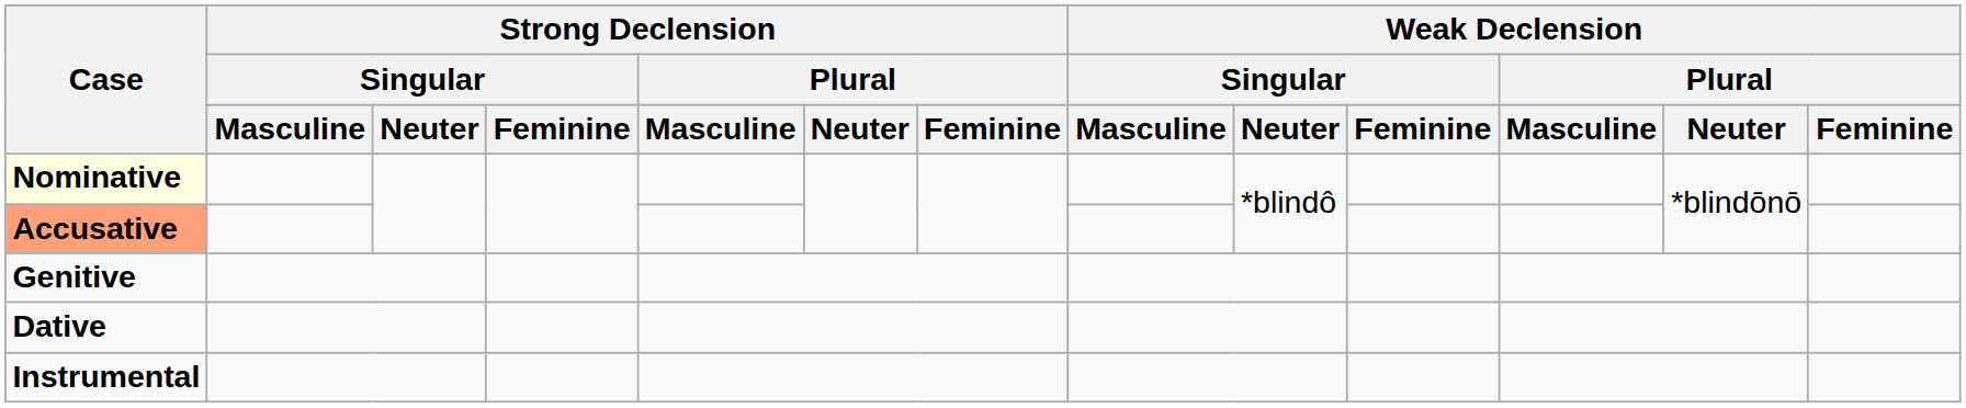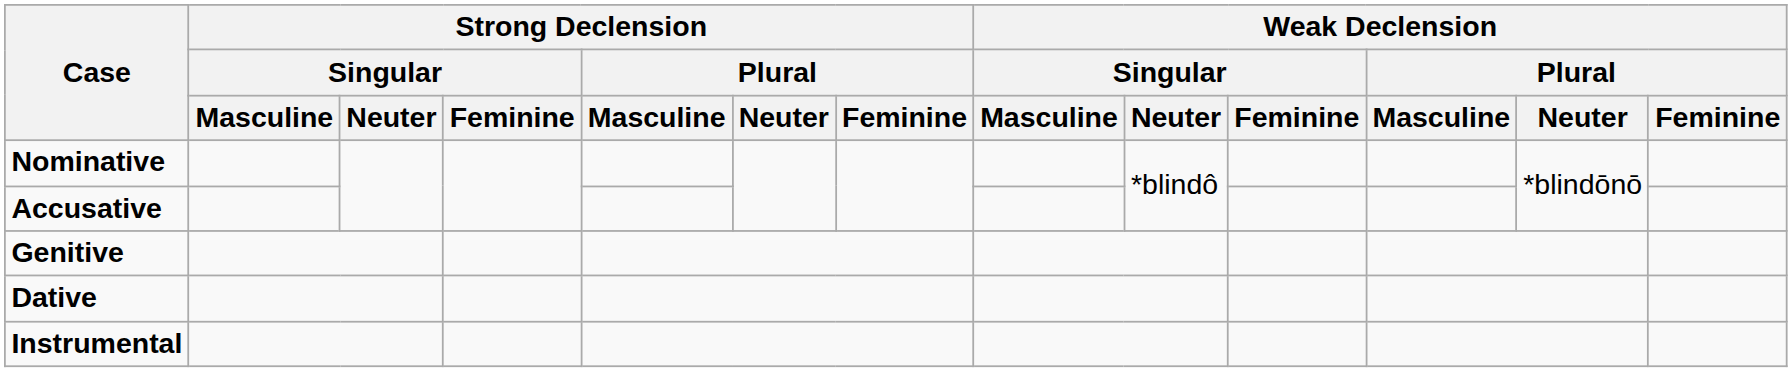 <table class="wikitable">
 <tr>
 <th rowspan="3">Case</th>
 <th colspan="6"><strong>Strong Declension</strong></th>
 <th colspan="6"><strong>Weak Declension</strong></th>
 </tr>
 <tr>
 <th colspan="3"><strong>Singular</strong></th>
 <th colspan="3"><strong>Plural</strong></th>
 <th colspan="3"><strong>Singular</strong></th>
 <th colspan="3"><strong>Plural</strong></th>
 </tr>
 <tr>
 <th><strong>Masculine</strong></th>
 <th><strong>Neuter</strong></th>
 <th><strong>Feminine</strong></th>
 <th><strong>Masculine</strong></th>
 <th><strong>Neuter</strong></th>
 <th><strong>Feminine</strong></th>
 <th><strong>Masculine</strong></th>
 <th><strong>Neuter</strong></th>
 <th><strong>Feminine</strong></th>
 <th><strong>Masculine</strong></th>
 <th><strong>Neuter</strong></th>
 <th><strong>Feminine</strong></th>
 </tr>
 <tr>
-<td style="background: lightyellow;"><strong>Nominative</strong></td>
+<td><strong>Nominative</strong></td>
 <td></td>
 <td rowspan="2"></td>
 <td rowspan="2"></td>
 <td></td>
 <td rowspan="2"></td>
 <td rowspan="2"></td>
 <td></td>
 <td rowspan="2">*blindô</td>
 <td></td>
 <td></td>
 <td rowspan="2">*blindōnō</td>
 <td></td>
 </tr>
 <tr>
-<td style="background: lightsalmon;"><strong>Accusative</strong></td>
+<td><strong>Accusative</strong></td>
 <td></td>
 <td></td>
 <td></td>
 <td></td>
 <td></td>
 <td></td>
 </tr>
 <tr>
 <td><strong>Genitive</strong></td>
 <td colspan="2"></td>
 <td></td>
 <td colspan="3"></td>
 <td colspan="2"></td>
 <td></td>
 <td colspan="2"></td>
 <td></td>
 </tr>
 <tr>
 <td><strong>Dative</strong></td>
 <td colspan="2"></td>
 <td></td>
 <td colspan="3"></td>
 <td colspan="2"></td>
 <td></td>
 <td colspan="2"></td>
 <td></td>
 </tr>
 <tr>
 <td><strong>Instrumental</strong></td>
 <td colspan="2"></td>
 <td></td>
 <td colspan="3"></td>
 <td colspan="2"></td>
 <td></td>
 <td colspan="2"></td>
 <td></td>
 </tr>
 </table>
